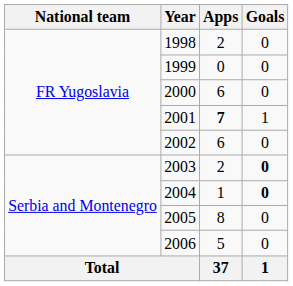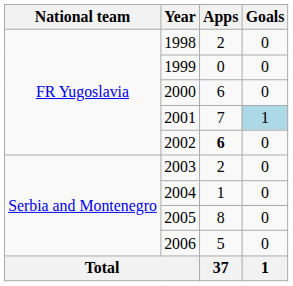 <table class="wikitable" style="text-align:center">
 <tr>
 <th>National team</th>
 <th>Year</th>
 <th>Apps</th>
 <th>Goals</th>
 </tr>
 <tr>
 <td rowspan="5"><a href='#'>FR Yugoslavia</a></td>
 <td>1998</td>
 <td>2</td>
 <td>0</td>
 </tr>
 <tr>
 <td>1999</td>
 <td>0</td>
 <td>0</td>
 </tr>
 <tr>
 <td>2000</td>
 <td>6</td>
 <td>0</td>
 </tr>
 <tr>
 <td>2001</td>
-<td><strong>7</strong></td>
-<td>1</td>
+<td>7</td>
+<td style="background: lightblue;">1</td>
 </tr>
 <tr>
 <td>2002</td>
-<td>6</td>
+<td><strong>6</strong></td>
 <td>0</td>
 </tr>
 <tr>
 <td rowspan="4"><a href='#'>Serbia and Montenegro</a></td>
 <td>2003</td>
 <td>2</td>
-<td><strong>0</strong></td>
+<td>0</td>
 </tr>
 <tr>
 <td>2004</td>
 <td>1</td>
-<td><strong>0</strong></td>
+<td>0</td>
 </tr>
 <tr>
 <td>2005</td>
 <td>8</td>
 <td>0</td>
 </tr>
 <tr>
 <td>2006</td>
 <td>5</td>
 <td>0</td>
 </tr>
 <tr>
 <th colspan="2">Total</th>
 <th>37</th>
 <th>1</th>
 </tr>
 </table>
